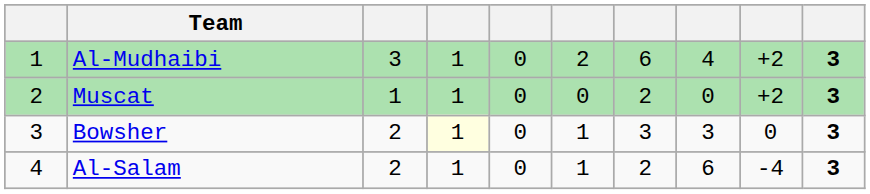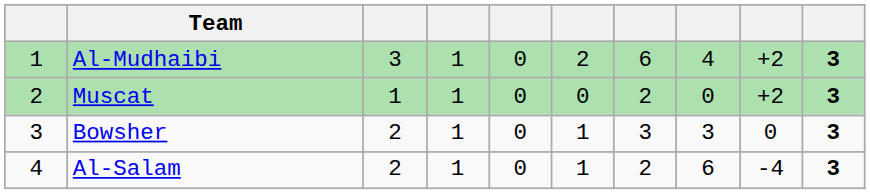 <table class="wikitable" style="text-align: center;">
 <tr>
 <th width=30></th>
 <th width=165>Team</th>
 <th width=30></th>
 <th width=30></th>
 <th width=30></th>
 <th width=30></th>
 <th width=30></th>
 <th width=30></th>
 <th width=30></th>
 <th width=30></th>
 </tr>
 <tr bgcolor=#ACE1AF>
 <td>1</td>
 <td align=left><a href='#'>Al-Mudhaibi</a></td>
 <td>3</td>
 <td>1</td>
 <td>0</td>
 <td>2</td>
 <td>6</td>
 <td>4</td>
 <td>+2</td>
 <td><strong>3</strong></td>
 </tr>
 <tr bgcolor=#ACE1AF>
 <td>2</td>
 <td align=left><a href='#'>Muscat</a></td>
 <td>1</td>
 <td>1</td>
 <td>0</td>
 <td>0</td>
 <td>2</td>
 <td>0</td>
 <td>+2</td>
 <td><strong>3</strong></td>
 </tr>
 <tr>
 <td>3</td>
 <td align=left><a href='#'>Bowsher</a></td>
 <td>2</td>
-<td style="background: lightyellow;">1</td>
+<td>1</td>
 <td>0</td>
 <td>1</td>
 <td>3</td>
 <td>3</td>
 <td>0</td>
 <td><strong>3</strong></td>
 </tr>
 <tr>
 <td>4</td>
 <td align=left><a href='#'>Al-Salam</a></td>
 <td>2</td>
 <td>1</td>
 <td>0</td>
 <td>1</td>
 <td>2</td>
 <td>6</td>
 <td>-4</td>
 <td><strong>3</strong></td>
 </tr>
 </table>
